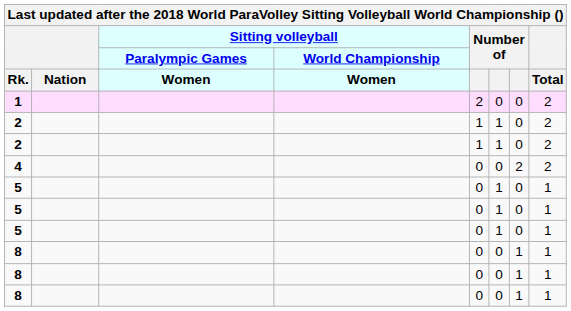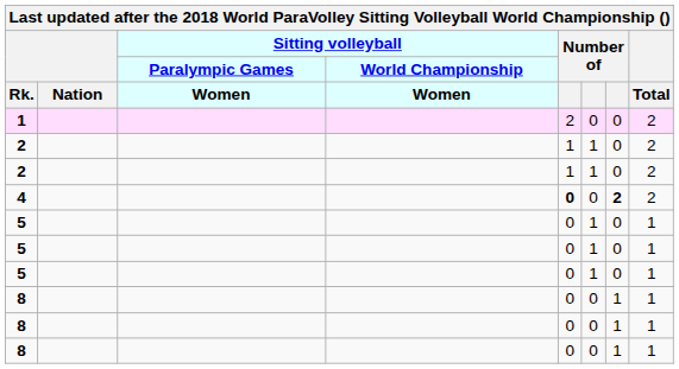 <table class="wikitable" style="margin-top:0em; text-align:center; font-size:100%;">
 <tr>
 <th colspan="8">Last updated after the 2018 World ParaVolley Sitting Volleyball World Championship ()</th>
 </tr>
 <tr>
 <th rowspan="2" colspan="2"></th>
 <th colspan="2" style="background:#dff;"><a href='#'>Sitting volleyball</a></th>
 <th rowspan="2" colspan="3">Number of</th>
 <th rowspan="2"></th>
 </tr>
 <tr>
 <th style="background:#dff;"><a href='#'>Paralympic Games</a></th>
 <th style="background:#dff;"><a href='#'>World Championship</a></th>
 </tr>
 <tr>
 <th style="width:1em;">Rk.</th>
 <th>Nation</th>
 <th style="background:#dff;">Women</th>
 <th style="background:#dff;">Women</th>
 <th style="width:1em;"></th>
 <th style="width:1em;"></th>
 <th style="width:1em;"></th>
 <th style="width:1em;">Total</th>
 </tr>
 <tr style="background: #fdf;">
 <td><strong>1</strong></td>
 <td style="text-align:left;"></td>
 <td></td>
 <td></td>
 <td>2</td>
 <td>0</td>
 <td>0</td>
 <td>2</td>
 </tr>
 <tr>
 <td><strong>2</strong></td>
 <td style="text-align:left;"></td>
 <td></td>
 <td></td>
 <td>1</td>
 <td>1</td>
 <td>0</td>
 <td>2</td>
 </tr>
 <tr>
 <td><strong>2</strong></td>
 <td style="text-align:left;"></td>
 <td></td>
 <td></td>
 <td>1</td>
 <td>1</td>
 <td>0</td>
 <td>2</td>
 </tr>
 <tr>
 <td><strong>4</strong></td>
 <td style="text-align:left;"></td>
 <td></td>
 <td></td>
+<td><strong>0</strong></td>
 <td>0</td>
-<td>0</td>
-<td>2</td>
+<td><strong>2</strong></td>
 <td>2</td>
 </tr>
 <tr>
 <td><strong>5</strong></td>
 <td style="text-align:left;"></td>
 <td></td>
 <td></td>
 <td>0</td>
 <td>1</td>
 <td>0</td>
 <td>1</td>
 </tr>
 <tr>
 <td><strong>5</strong></td>
 <td style="text-align:left;"></td>
 <td></td>
 <td></td>
 <td>0</td>
 <td>1</td>
 <td>0</td>
 <td>1</td>
 </tr>
 <tr>
 <td><strong>5</strong></td>
 <td style="text-align:left;"></td>
 <td></td>
 <td></td>
 <td>0</td>
 <td>1</td>
 <td>0</td>
 <td>1</td>
 </tr>
 <tr>
 <td><strong>8</strong></td>
 <td style="text-align:left;"></td>
 <td></td>
 <td></td>
 <td>0</td>
 <td>0</td>
 <td>1</td>
 <td>1</td>
 </tr>
 <tr>
 <td><strong>8</strong></td>
 <td style="text-align:left;"></td>
 <td></td>
 <td></td>
 <td>0</td>
 <td>0</td>
 <td>1</td>
 <td>1</td>
 </tr>
 <tr>
 <td><strong>8</strong></td>
 <td style="text-align:left;"></td>
 <td></td>
 <td></td>
 <td>0</td>
 <td>0</td>
 <td>1</td>
 <td>1</td>
 </tr>
 </table>
